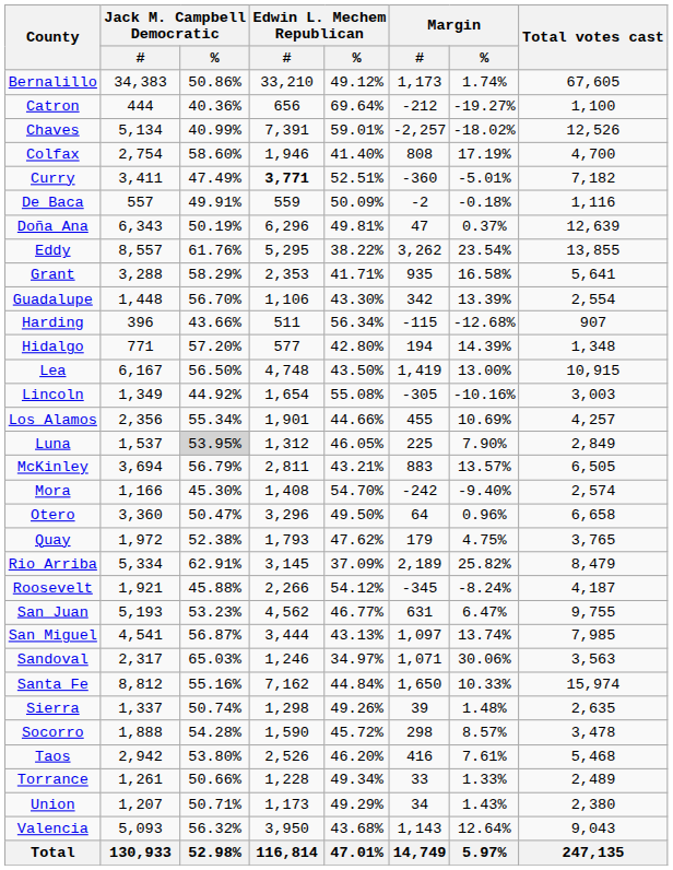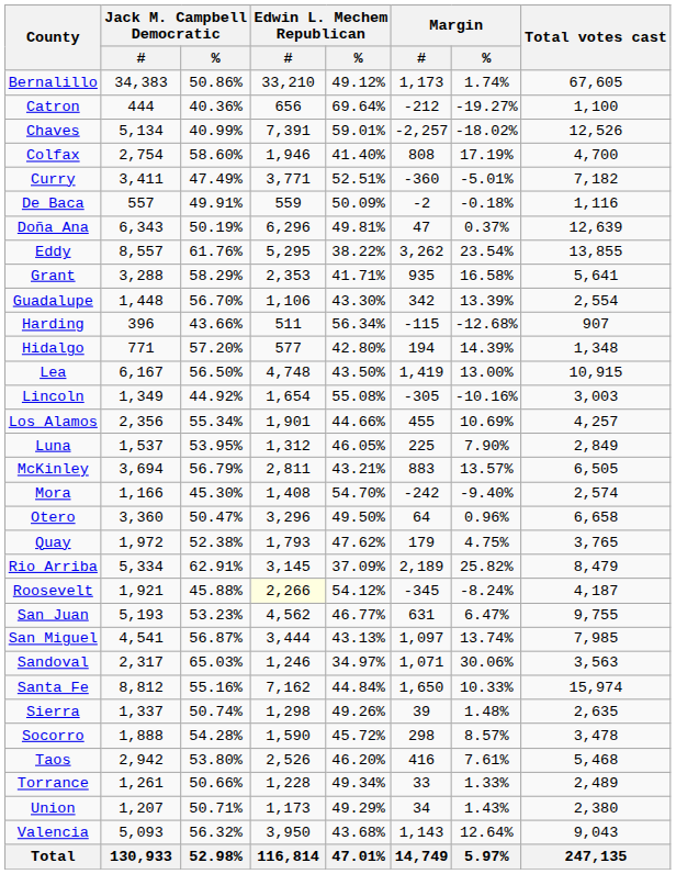 <table class="wikitable sortable" style="text-align:center">
 <tr>
 <th style="text-align:center;" rowspan="2">County</th>
 <th style="text-align:center;" colspan="2">Jack M. Campbell<br>Democratic</th>
 <th style="text-align:center;" colspan="2">Edwin L. Mechem<br>Republican</th>
 <th style="text-align:center;" colspan="2">Margin</th>
 <th style="text-align:center;" rowspan="2">Total votes cast</th>
 </tr>
 <tr>
 <th style="text-align:center;" data-sort-type="number">#</th>
 <th style="text-align:center;" data-sort-type="number">%</th>
 <th style="text-align:center;" data-sort-type="number">#</th>
 <th style="text-align:center;" data-sort-type="number">%</th>
 <th style="text-align:center;" data-sort-type="number">#</th>
 <th style="text-align:center;" data-sort-type="number">%</th>
 </tr>
 <tr style="text-align:center;">
 <td><a href='#'>Bernalillo</a></td>
 <td>34,383</td>
 <td>50.86%</td>
 <td>33,210</td>
 <td>49.12%</td>
 <td>1,173</td>
 <td>1.74%</td>
 <td>67,605</td>
 </tr>
 <tr style="text-align:center;">
 <td><a href='#'>Catron</a></td>
 <td>444</td>
 <td>40.36%</td>
 <td>656</td>
 <td>69.64%</td>
 <td>-212</td>
 <td>-19.27%</td>
 <td>1,100</td>
 </tr>
 <tr style="text-align:center;">
 <td><a href='#'>Chaves</a></td>
 <td>5,134</td>
 <td>40.99%</td>
 <td>7,391</td>
 <td>59.01%</td>
 <td>-2,257</td>
 <td>-18.02%</td>
 <td>12,526</td>
 </tr>
 <tr style="text-align:center;">
 <td><a href='#'>Colfax</a></td>
 <td>2,754</td>
 <td>58.60%</td>
 <td>1,946</td>
 <td>41.40%</td>
 <td>808</td>
 <td>17.19%</td>
 <td>4,700</td>
 </tr>
 <tr style="text-align:center;">
 <td><a href='#'>Curry</a></td>
 <td>3,411</td>
 <td>47.49%</td>
-<td><strong>3,771</strong></td>
+<td>3,771</td>
 <td>52.51%</td>
 <td>-360</td>
 <td>-5.01%</td>
 <td>7,182</td>
 </tr>
 <tr style="text-align:center;">
 <td><a href='#'>De Baca</a></td>
 <td>557</td>
 <td>49.91%</td>
 <td>559</td>
 <td>50.09%</td>
 <td>-2</td>
 <td>-0.18%</td>
 <td>1,116</td>
 </tr>
 <tr style="text-align:center;">
 <td><a href='#'>Doña Ana</a></td>
 <td>6,343</td>
 <td>50.19%</td>
 <td>6,296</td>
 <td>49.81%</td>
 <td>47</td>
 <td>0.37%</td>
 <td>12,639</td>
 </tr>
 <tr style="text-align:center;">
 <td><a href='#'>Eddy</a></td>
 <td>8,557</td>
 <td>61.76%</td>
 <td>5,295</td>
 <td>38.22%</td>
 <td>3,262</td>
 <td>23.54%</td>
 <td>13,855</td>
 </tr>
 <tr style="text-align:center;">
 <td><a href='#'>Grant</a></td>
 <td>3,288</td>
 <td>58.29%</td>
 <td>2,353</td>
 <td>41.71%</td>
 <td>935</td>
 <td>16.58%</td>
 <td>5,641</td>
 </tr>
 <tr style="text-align:center;">
 <td><a href='#'>Guadalupe</a></td>
 <td>1,448</td>
 <td>56.70%</td>
 <td>1,106</td>
 <td>43.30%</td>
 <td>342</td>
 <td>13.39%</td>
 <td>2,554</td>
 </tr>
 <tr style="text-align:center;">
 <td><a href='#'>Harding</a></td>
 <td>396</td>
 <td>43.66%</td>
 <td>511</td>
 <td>56.34%</td>
 <td>-115</td>
 <td>-12.68%</td>
 <td>907</td>
 </tr>
 <tr style="text-align:center;">
 <td><a href='#'>Hidalgo</a></td>
 <td>771</td>
 <td>57.20%</td>
 <td>577</td>
 <td>42.80%</td>
 <td>194</td>
 <td>14.39%</td>
 <td>1,348</td>
 </tr>
 <tr style="text-align:center;">
 <td><a href='#'>Lea</a></td>
 <td>6,167</td>
 <td>56.50%</td>
 <td>4,748</td>
 <td>43.50%</td>
 <td>1,419</td>
 <td>13.00%</td>
 <td>10,915</td>
 </tr>
 <tr style="text-align:center;">
 <td><a href='#'>Lincoln</a></td>
 <td>1,349</td>
 <td>44.92%</td>
 <td>1,654</td>
 <td>55.08%</td>
 <td>-305</td>
 <td>-10.16%</td>
 <td>3,003</td>
 </tr>
 <tr style="text-align:center;">
 <td><a href='#'>Los Alamos</a></td>
 <td>2,356</td>
 <td>55.34%</td>
 <td>1,901</td>
 <td>44.66%</td>
 <td>455</td>
 <td>10.69%</td>
 <td>4,257</td>
 </tr>
 <tr style="text-align:center;">
 <td><a href='#'>Luna</a></td>
 <td>1,537</td>
-<td style="background: lightgrey;">53.95%</td>
+<td>53.95%</td>
 <td>1,312</td>
 <td>46.05%</td>
 <td>225</td>
 <td>7.90%</td>
 <td>2,849</td>
 </tr>
 <tr style="text-align:center;">
 <td><a href='#'>McKinley</a></td>
 <td>3,694</td>
 <td>56.79%</td>
 <td>2,811</td>
 <td>43.21%</td>
 <td>883</td>
 <td>13.57%</td>
 <td>6,505</td>
 </tr>
 <tr style="text-align:center;">
 <td><a href='#'>Mora</a></td>
 <td>1,166</td>
 <td>45.30%</td>
 <td>1,408</td>
 <td>54.70%</td>
 <td>-242</td>
 <td>-9.40%</td>
 <td>2,574</td>
 </tr>
 <tr style="text-align:center;">
 <td><a href='#'>Otero</a></td>
 <td>3,360</td>
 <td>50.47%</td>
 <td>3,296</td>
 <td>49.50%</td>
 <td>64</td>
 <td>0.96%</td>
 <td>6,658</td>
 </tr>
 <tr style="text-align:center;">
 <td><a href='#'>Quay</a></td>
 <td>1,972</td>
 <td>52.38%</td>
 <td>1,793</td>
 <td>47.62%</td>
 <td>179</td>
 <td>4.75%</td>
 <td>3,765</td>
 </tr>
 <tr style="text-align:center;">
 <td><a href='#'>Rio Arriba</a></td>
 <td>5,334</td>
 <td>62.91%</td>
 <td>3,145</td>
 <td>37.09%</td>
 <td>2,189</td>
 <td>25.82%</td>
 <td>8,479</td>
 </tr>
 <tr style="text-align:center;">
 <td><a href='#'>Roosevelt</a></td>
 <td>1,921</td>
 <td>45.88%</td>
-<td>2,266</td>
+<td style="background: lightyellow;">2,266</td>
 <td>54.12%</td>
 <td>-345</td>
 <td>-8.24%</td>
 <td>4,187</td>
 </tr>
 <tr style="text-align:center;">
 <td><a href='#'>San Juan</a></td>
 <td>5,193</td>
 <td>53.23%</td>
 <td>4,562</td>
 <td>46.77%</td>
 <td>631</td>
 <td>6.47%</td>
 <td>9,755</td>
 </tr>
 <tr style="text-align:center;">
 <td><a href='#'>San Miguel</a></td>
 <td>4,541</td>
 <td>56.87%</td>
 <td>3,444</td>
 <td>43.13%</td>
 <td>1,097</td>
 <td>13.74%</td>
 <td>7,985</td>
 </tr>
 <tr style="text-align:center;">
 <td><a href='#'>Sandoval</a></td>
 <td>2,317</td>
 <td>65.03%</td>
 <td>1,246</td>
 <td>34.97%</td>
 <td>1,071</td>
 <td>30.06%</td>
 <td>3,563</td>
 </tr>
 <tr style="text-align:center;">
 <td><a href='#'>Santa Fe</a></td>
 <td>8,812</td>
 <td>55.16%</td>
 <td>7,162</td>
 <td>44.84%</td>
 <td>1,650</td>
 <td>10.33%</td>
 <td>15,974</td>
 </tr>
 <tr style="text-align:center;">
 <td><a href='#'>Sierra</a></td>
 <td>1,337</td>
 <td>50.74%</td>
 <td>1,298</td>
 <td>49.26%</td>
 <td>39</td>
 <td>1.48%</td>
 <td>2,635</td>
 </tr>
 <tr style="text-align:center;">
 <td><a href='#'>Socorro</a></td>
 <td>1,888</td>
 <td>54.28%</td>
 <td>1,590</td>
 <td>45.72%</td>
 <td>298</td>
 <td>8.57%</td>
 <td>3,478</td>
 </tr>
 <tr style="text-align:center;">
 <td><a href='#'>Taos</a></td>
 <td>2,942</td>
 <td>53.80%</td>
 <td>2,526</td>
 <td>46.20%</td>
 <td>416</td>
 <td>7.61%</td>
 <td>5,468</td>
 </tr>
 <tr style="text-align:center;">
 <td><a href='#'>Torrance</a></td>
 <td>1,261</td>
 <td>50.66%</td>
 <td>1,228</td>
 <td>49.34%</td>
 <td>33</td>
 <td>1.33%</td>
 <td>2,489</td>
 </tr>
 <tr style="text-align:center;">
 <td><a href='#'>Union</a></td>
 <td>1,207</td>
 <td>50.71%</td>
 <td>1,173</td>
 <td>49.29%</td>
 <td>34</td>
 <td>1.43%</td>
 <td>2,380</td>
 </tr>
 <tr style="text-align:center;">
 <td><a href='#'>Valencia</a></td>
 <td>5,093</td>
 <td>56.32%</td>
 <td>3,950</td>
 <td>43.68%</td>
 <td>1,143</td>
 <td>12.64%</td>
 <td>9,043</td>
 </tr>
 <tr style="text-align:center;">
 <th>Total</th>
 <th>130,933</th>
 <th>52.98%</th>
 <th>116,814</th>
 <th>47.01%</th>
 <th>14,749</th>
 <th>5.97%</th>
 <th>247,135</th>
 </tr>
 </table>
